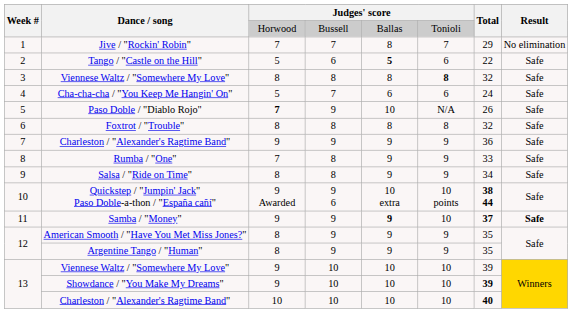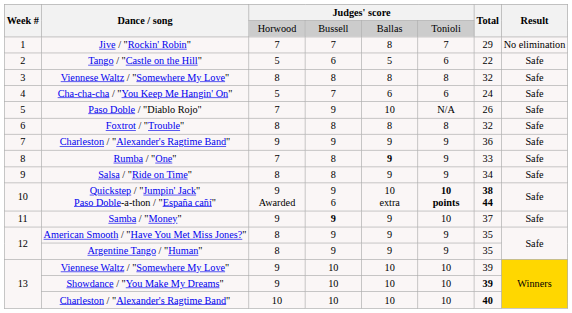 <table class="wikitable collapsible collapsed">
 <tr style="text-align:Center; background:#ccc;">
 <th rowspan="2">Week #</th>
 <th rowspan="2">Dance / song</th>
 <th colspan="4">Judges' score</th>
 <th rowspan="2">Total</th>
 <th rowspan="2">Result</th>
 </tr>
 <tr style="text-align:center; background:#ccc;">
 <td style="width:10%; ">Horwood</td>
 <td style="width:10%; ">Bussell</td>
 <td style="width:10%; ">Ballas</td>
 <td style="width:10%; ">Tonioli</td>
 </tr>
 <tr style="text-align: center; background:#faf6f6;">
 <td>1</td>
 <td><a href='#'>Jive</a> / "<a href='#'>Rockin' Robin</a>"</td>
 <td>7</td>
 <td>7</td>
 <td>8</td>
 <td>7</td>
 <td>29</td>
 <td>No elimination</td>
 </tr>
 <tr style="text-align: center; background:#faf6f6;">
 <td>2</td>
 <td><a href='#'>Tango</a> / "<a href='#'>Castle on the Hill</a>"</td>
 <td>5</td>
 <td>6</td>
-<td><strong>5</strong></td>
+<td>5</td>
 <td>6</td>
 <td>22</td>
 <td>Safe</td>
 </tr>
 <tr style="text-align:center; background:#faf6f6;">
 <td>3</td>
 <td><a href='#'>Viennese Waltz</a> / "<a href='#'>Somewhere My Love</a>"</td>
 <td>8</td>
 <td>8</td>
 <td>8</td>
-<td><strong>8</strong></td>
+<td>8</td>
 <td>32</td>
 <td>Safe</td>
 </tr>
 <tr style="text-align:center; background:#faf6f6;">
 <td>4</td>
 <td><a href='#'>Cha-cha-cha</a> / "<a href='#'>You Keep Me Hangin' On</a>"</td>
 <td>5</td>
 <td>7</td>
 <td>6</td>
 <td>6</td>
 <td>24</td>
 <td>Safe</td>
 </tr>
 <tr style="text-align:center; background:#faf6f6;">
 <td>5</td>
 <td><a href='#'>Paso Doble</a> / "Diablo Rojo"</td>
-<td><strong>7</strong></td>
+<td>7</td>
 <td>9</td>
 <td>10</td>
 <td>N/A</td>
 <td>26</td>
 <td>Safe</td>
 </tr>
 <tr style="text-align:center; background:#faf6f6;">
 <td>6</td>
 <td><a href='#'>Foxtrot</a> / "<a href='#'>Trouble</a>"</td>
 <td>8</td>
 <td>8</td>
 <td>8</td>
 <td>8</td>
 <td>32</td>
 <td>Safe</td>
 </tr>
 <tr style="text-align:center; background:#faf6f6;">
 <td>7</td>
 <td><a href='#'>Charleston</a> / "<a href='#'>Alexander's Ragtime Band</a>"</td>
 <td>9</td>
 <td>9</td>
 <td>9</td>
 <td>9</td>
 <td>36</td>
 <td>Safe</td>
 </tr>
 <tr style="text-align:center; background:#faf6f6;">
 <td>8</td>
 <td><a href='#'>Rumba</a> / "<a href='#'>One</a>"</td>
 <td>7</td>
 <td>8</td>
-<td>9</td>
+<td><strong>9</strong></td>
 <td>9</td>
 <td>33</td>
 <td>Safe</td>
 </tr>
 <tr style="text-align: center; background:#faf6f6;">
 <td>9</td>
 <td><a href='#'>Salsa</a> / "<a href='#'>Ride on Time</a>"</td>
 <td>8</td>
 <td>8</td>
 <td>9</td>
 <td>9</td>
 <td>34</td>
 <td>Safe</td>
 </tr>
 <tr style="text-align: center; background:#faf6f6;">
 <td>10</td>
 <td><a href='#'>Quickstep</a> / "<a href='#'>Jumpin' Jack</a>"<br><a href='#'>Paso Doble</a>-a-thon / "<a href='#'>España cañí</a>"</td>
 <td>9<br>Awarded</td>
 <td>9<br>6</td>
 <td>10<br>extra</td>
-<td>10<br>points</td>
+<td><strong>10<br>points</strong></td>
 <td><span><strong>38</strong></span><br><span><strong>44</strong></span></td>
 <td>Safe</td>
 </tr>
 <tr style="text-align: center; background:#faf6f6;">
 <td>11</td>
 <td><a href='#'>Samba</a> / "<a href='#'>Money</a>"</td>
 <td>9</td>
+<td><strong>9</strong></td>
 <td>9</td>
-<td><strong>9</strong></td>
 <td>10</td>
-<td><strong>37</strong></td>
-<td><strong>Safe</strong></td>
+<td>37</td>
+<td>Safe</td>
 </tr>
 <tr style="text-align: center; background:#faf6f6;">
 <td rowspan=2>12</td>
 <td><a href='#'>American Smooth</a> / "<a href='#'>Have You Met Miss Jones?</a>"</td>
 <td>8</td>
 <td>9</td>
 <td>9</td>
 <td>9</td>
 <td>35</td>
 <td rowspan=2>Safe</td>
 </tr>
 <tr style="text-align: center; background:#faf6f6;">
 <td><a href='#'>Argentine Tango</a> / "<a href='#'>Human</a>"</td>
 <td>8</td>
 <td>9</td>
 <td>9</td>
 <td>9</td>
 <td>35</td>
 </tr>
 <tr style="text-align: center; background:#faf6f6;">
 <td rowspan=3>13</td>
 <td><a href='#'>Viennese Waltz</a> / "<a href='#'>Somewhere My Love</a>"</td>
 <td>9</td>
 <td>10</td>
 <td>10</td>
 <td>10</td>
 <td>39</td>
 <td style="background:gold" rowspan=3>Winners</td>
 </tr>
 <tr style="text-align: center; background:#faf6f6;">
 <td><a href='#'>Showdance</a> / "<a href='#'>You Make My Dreams</a>"</td>
 <td>9</td>
 <td>10</td>
 <td>10</td>
 <td>10</td>
 <td><span><strong>39</strong></span></td>
 </tr>
 <tr style="text-align: center; background:#faf6f6;">
 <td><a href='#'>Charleston</a> / "<a href='#'>Alexander's Ragtime Band</a>"</td>
 <td>10</td>
 <td>10</td>
 <td>10</td>
 <td>10</td>
 <td><span><strong>40</strong></span></td>
 </tr>
 </table>
